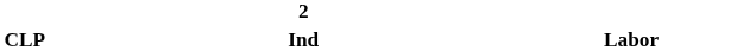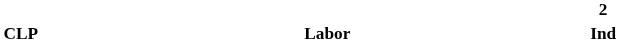 <table style="width:60%; text-align:center;">
 <tr style="color:white;">
 <td style="background:"><strong>14</strong></td>
+<td style="background:"><strong>9</strong></td>
 <td style="color:black; background:"><strong>2</strong></td>
-<td style="background:"><strong>9</strong></td>
 </tr>
 <tr>
 <td><span><strong>CLP</strong></span></td>
+<td><span><strong>Labor</strong></span></td>
 <td><span><strong>Ind</strong></span></td>
-<td><span><strong>Labor</strong></span></td>
 </tr>
 </table>
